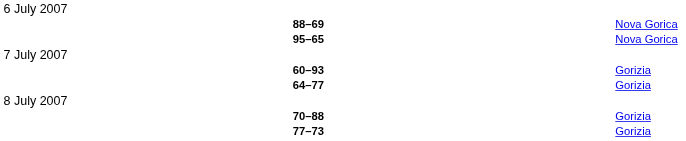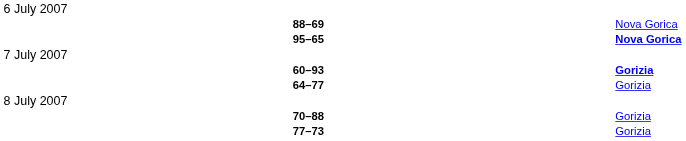 <table style="width:100%;" cellspacing="1">
 <tr>
 <th width=25%></th>
 <th width=3%></th>
 <th width=6%></th>
 <th width=3%></th>
 <th width=25%></th>
 </tr>
 <tr>
 <td>6 July 2007</td>
 </tr>
 <tr style=font-size:90%>
 <td align=right><strong></strong></td>
 <td></td>
 <td align=center><strong>88–69</strong></td>
 <td></td>
 <td><strong></strong></td>
 <td><a href='#'>Nova Gorica</a></td>
 </tr>
 <tr style=font-size:90%>
 <td align=right><strong></strong></td>
 <td></td>
 <td align=center><strong>95–65</strong></td>
 <td></td>
 <td><strong></strong></td>
-<td><a href='#'>Nova Gorica</a></td>
+<td><strong><a href='#'>Nova Gorica</a></strong></td>
 </tr>
 <tr>
 <td>7 July 2007</td>
 </tr>
 <tr style=font-size:90%>
 <td align=right><strong></strong></td>
 <td></td>
 <td align=center><strong>60–93</strong></td>
 <td></td>
 <td><strong></strong></td>
-<td><a href='#'>Gorizia</a></td>
+<td><strong><a href='#'>Gorizia</a></strong></td>
 </tr>
 <tr style=font-size:90%>
 <td align=right><strong></strong></td>
 <td></td>
 <td align=center><strong>64–77</strong></td>
 <td></td>
 <td><strong></strong></td>
 <td><a href='#'>Gorizia</a></td>
 </tr>
 <tr>
 <td>8 July 2007</td>
 </tr>
 <tr style=font-size:90%>
 <td align=right><strong></strong></td>
 <td></td>
 <td align=center><strong>70–88</strong></td>
 <td></td>
 <td><strong></strong></td>
 <td><a href='#'>Gorizia</a></td>
 </tr>
 <tr style=font-size:90%>
 <td align=right><strong></strong></td>
 <td></td>
 <td align=center><strong>77–73</strong></td>
 <td></td>
 <td><strong></strong></td>
 <td><a href='#'>Gorizia</a></td>
 </tr>
 </table>
